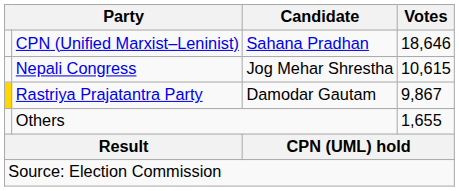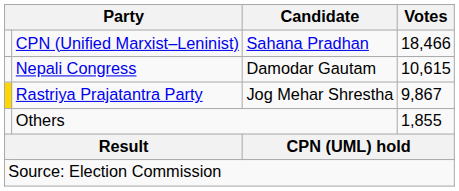 <table class="wikitable">
 <tr>
 <th colspan="2">Party</th>
 <th>Candidate</th>
 <th>Votes</th>
 </tr>
 <tr>
 <td style="background-color:"></td>
 <td><a href='#'>CPN (Unified Marxist–Leninist)</a></td>
 <td><a href='#'>Sahana Pradhan</a></td>
-<td>18,646</td>
+<td>18,466</td>
 </tr>
 <tr>
 <td style="background-color:"></td>
 <td><a href='#'>Nepali Congress</a></td>
-<td>Jog Mehar Shrestha</td>
+<td>Damodar Gautam</td>
 <td>10,615</td>
 </tr>
 <tr>
 <td style="background-color:gold"></td>
 <td><a href='#'>Rastriya Prajatantra Party</a></td>
-<td>Damodar Gautam</td>
+<td>Jog Mehar Shrestha</td>
 <td>9,867</td>
 </tr>
 <tr>
 <td></td>
 <td colspan="2">Others</td>
-<td>1,655</td>
+<td>1,855</td>
 </tr>
 <tr>
 <th colspan="2">Result</th>
 <th colspan="2">CPN (UML) hold</th>
 </tr>
 <tr>
 <td colspan="4">Source: Election Commission</td>
 </tr>
 </table>
